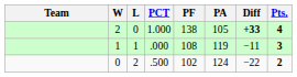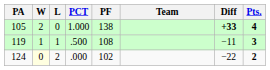 <table class=wikitable>
 <tr align=center>
-<th width=150px>Team</th>
+<th width=40px>PA</th>
 <th width=20px>W</th>
 <th width=20px>L</th>
 <th><a href='#'>PCT</a></th>
 <th width=40px>PF</th>
-<th width=40px>PA</th>
+<th width=150px>Team</th>
 <th width=40px>Diff</th>
 <th width=30px><a href='#'>Pts.</a></th>
 </tr>
 <tr align=center |- bgcolor=#ccffcc>
-<td align=left></td>
+<td>105</td>
 <td>2</td>
 <td>0</td>
 <td>1.000</td>
 <td>138</td>
-<td>105</td>
+<td align=left></td>
 <td><strong>+33</strong></td>
 <td><strong>4</strong></td>
 </tr>
 <tr align=center |- bgcolor=#ccffcc>
-<td align=left></td>
+<td>119</td>
 <td>1</td>
 <td>1</td>
-<td>.000</td>
+<td>.500</td>
 <td>108</td>
-<td>119</td>
+<td align=left></td>
 <td>−11</td>
 <td><strong>3</strong></td>
 </tr>
 <tr align=center>
+<td>124</td>
+<td style="background: lightyellow;">0</td>
+<td>2</td>
+<td>.000</td>
+<td>102</td>
 <td align=left></td>
-<td>0</td>
-<td>2</td>
-<td>.500</td>
-<td>102</td>
-<td>124</td>
 <td>−22</td>
 <td><strong>2</strong></td>
 </tr>
 </table>
